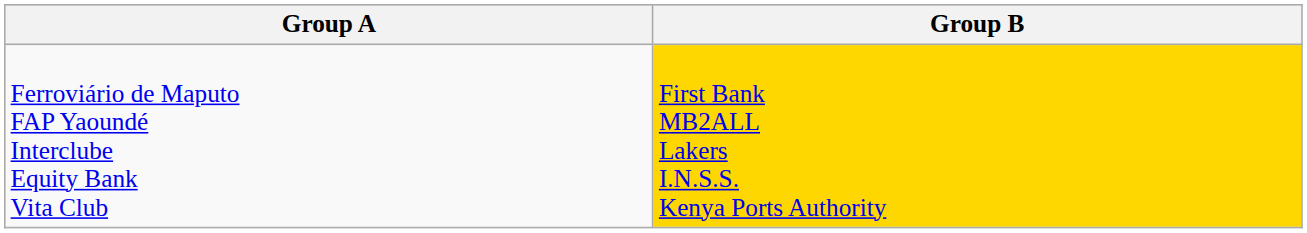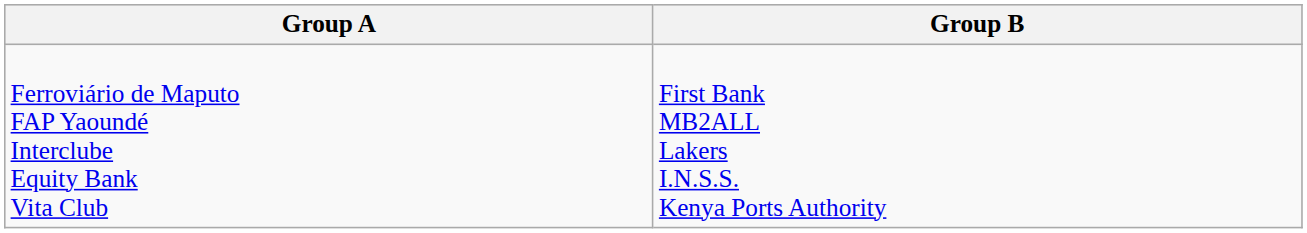 <table class="wikitable" width=65%>
 <tr>
 <th width=225px>Group A</th>
 <th width=225px>Group B</th>
 </tr>
 <tr>
 <td><br> <a href='#'>Ferroviário de Maputo</a><br>  <a href='#'>FAP Yaoundé</a><br>  <a href='#'>Interclube</a><br>  <a href='#'>Equity Bank</a><br>  <a href='#'>Vita Club</a></td>
-<td style="background: gold;"><br> <a href='#'>First Bank</a><br>  <a href='#'>MB2ALL</a><br>  <a href='#'>Lakers</a><br>  <a href='#'>I.N.S.S.</a><br>  <a href='#'>Kenya Ports Authority</a></td>
+<td><br> <a href='#'>First Bank</a><br>  <a href='#'>MB2ALL</a><br>  <a href='#'>Lakers</a><br>  <a href='#'>I.N.S.S.</a><br>  <a href='#'>Kenya Ports Authority</a></td>
 </tr>
 </table>
